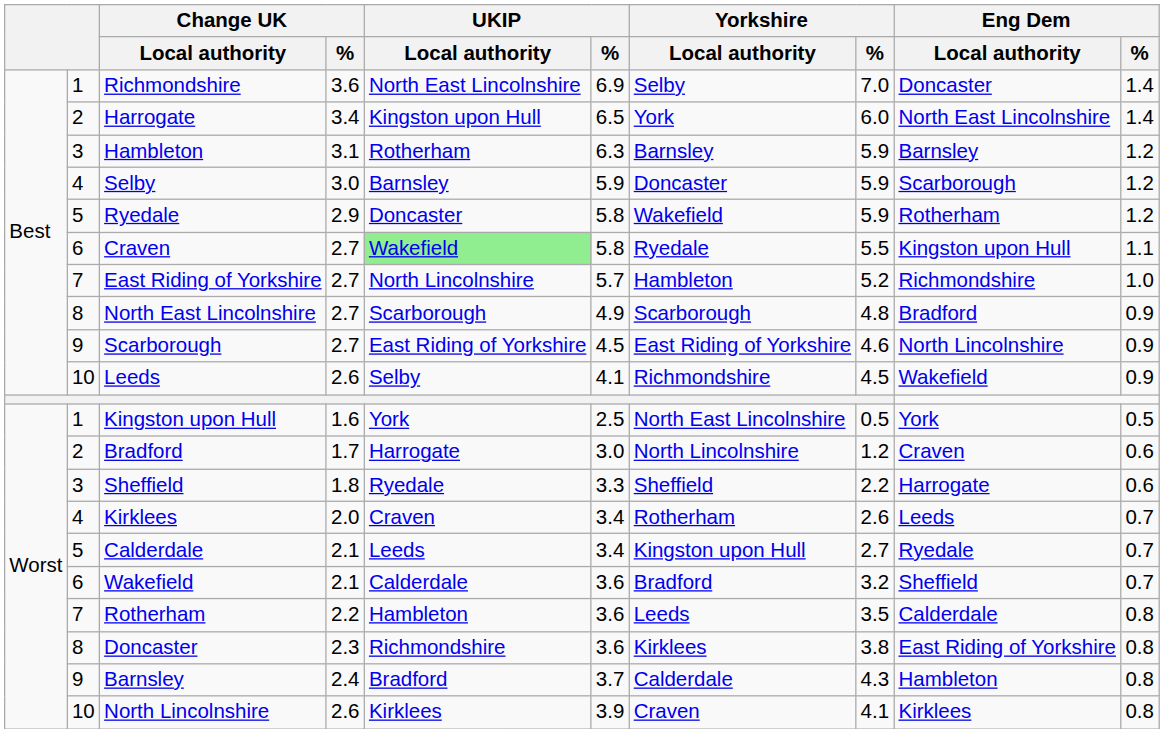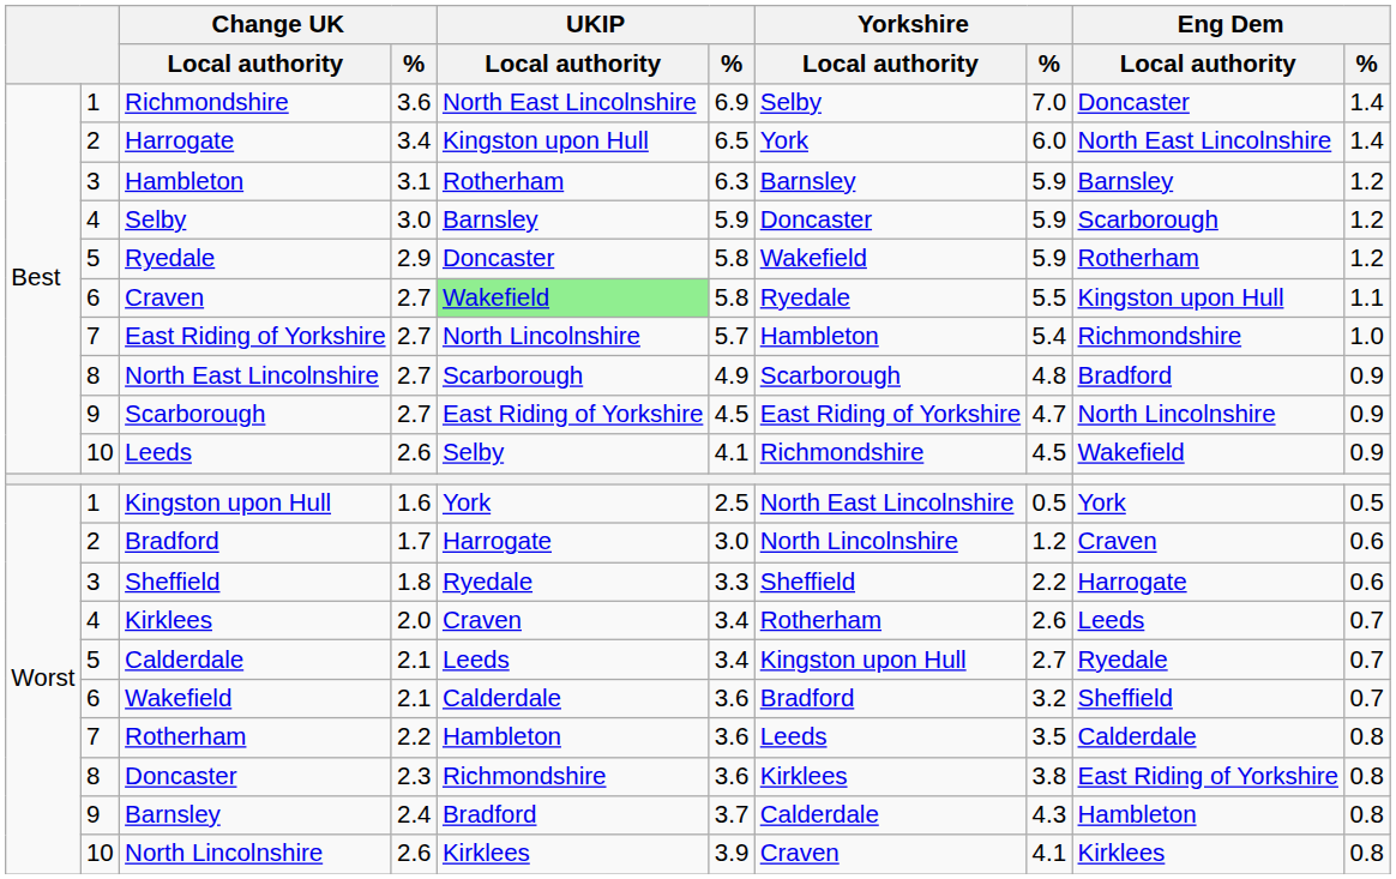 <table class="wikitable">
 <tr>
 <th colspan="2" rowspan="2"></th>
 <th colspan="2">Change UK</th>
 <th colspan="2">UKIP</th>
 <th colspan="2">Yorkshire</th>
 <th colspan="2">Eng Dem</th>
 </tr>
 <tr>
 <th style="text-align:center;">Local authority</th>
 <th style="text-align:center;">%</th>
 <th>Local authority</th>
 <th>%</th>
 <th>Local authority</th>
 <th>%</th>
 <th>Local authority</th>
 <th>%</th>
 </tr>
 <tr>
 <td rowspan="10">Best</td>
 <td>1</td>
 <td><a href='#'>Richmondshire</a></td>
 <td>3.6</td>
 <td><a href='#'>North East Lincolnshire</a></td>
 <td>6.9</td>
 <td><a href='#'>Selby</a></td>
 <td>7.0</td>
 <td><a href='#'>Doncaster</a></td>
 <td>1.4</td>
 </tr>
 <tr>
 <td>2</td>
 <td><a href='#'>Harrogate</a></td>
 <td>3.4</td>
 <td><a href='#'>Kingston upon Hull</a></td>
 <td>6.5</td>
 <td><a href='#'>York</a></td>
 <td>6.0</td>
 <td><a href='#'>North East Lincolnshire</a></td>
 <td>1.4</td>
 </tr>
 <tr>
 <td>3</td>
 <td><a href='#'>Hambleton</a></td>
 <td>3.1</td>
 <td><a href='#'>Rotherham</a></td>
 <td>6.3</td>
 <td><a href='#'>Barnsley</a></td>
 <td>5.9</td>
 <td><a href='#'>Barnsley</a></td>
 <td>1.2</td>
 </tr>
 <tr>
 <td>4</td>
 <td><a href='#'>Selby</a></td>
 <td>3.0</td>
 <td><a href='#'>Barnsley</a></td>
 <td>5.9</td>
 <td><a href='#'>Doncaster</a></td>
 <td>5.9</td>
 <td><a href='#'>Scarborough</a></td>
 <td>1.2</td>
 </tr>
 <tr>
 <td>5</td>
 <td><a href='#'>Ryedale</a></td>
 <td>2.9</td>
 <td><a href='#'>Doncaster</a></td>
 <td>5.8</td>
 <td><a href='#'>Wakefield</a></td>
 <td>5.9</td>
 <td><a href='#'>Rotherham</a></td>
 <td>1.2</td>
 </tr>
 <tr>
 <td>6</td>
 <td><a href='#'>Craven</a></td>
 <td>2.7</td>
 <td style="background: lightgreen;"><a href='#'>Wakefield</a></td>
 <td>5.8</td>
 <td><a href='#'>Ryedale</a></td>
 <td>5.5</td>
 <td><a href='#'>Kingston upon Hull</a></td>
 <td>1.1</td>
 </tr>
 <tr>
 <td>7</td>
 <td><a href='#'>East Riding of Yorkshire</a></td>
 <td>2.7</td>
 <td><a href='#'>North Lincolnshire</a></td>
 <td>5.7</td>
 <td><a href='#'>Hambleton</a></td>
-<td>5.2</td>
+<td>5.4</td>
 <td><a href='#'>Richmondshire</a></td>
 <td>1.0</td>
 </tr>
 <tr>
 <td>8</td>
 <td><a href='#'>North East Lincolnshire</a></td>
 <td>2.7</td>
 <td><a href='#'>Scarborough</a></td>
 <td>4.9</td>
 <td><a href='#'>Scarborough</a></td>
 <td>4.8</td>
 <td><a href='#'>Bradford</a></td>
 <td>0.9</td>
 </tr>
 <tr>
 <td>9</td>
 <td><a href='#'>Scarborough</a></td>
 <td>2.7</td>
 <td><a href='#'>East Riding of Yorkshire</a></td>
 <td>4.5</td>
 <td><a href='#'>East Riding of Yorkshire</a></td>
-<td>4.6</td>
+<td>4.7</td>
 <td><a href='#'>North Lincolnshire</a></td>
 <td>0.9</td>
 </tr>
 <tr>
 <td>10</td>
 <td><a href='#'>Leeds</a></td>
 <td>2.6</td>
 <td><a href='#'>Selby</a></td>
 <td>4.1</td>
 <td><a href='#'>Richmondshire</a></td>
 <td>4.5</td>
 <td><a href='#'>Wakefield</a></td>
 <td>0.9</td>
 </tr>
 <tr>
 <th colspan="8"></th>
 </tr>
 <tr>
 <td rowspan="10">Worst</td>
 <td>1</td>
 <td><a href='#'>Kingston upon Hull</a></td>
 <td>1.6</td>
 <td><a href='#'>York</a></td>
 <td>2.5</td>
 <td><a href='#'>North East Lincolnshire</a></td>
 <td>0.5</td>
 <td><a href='#'>York</a></td>
 <td>0.5</td>
 </tr>
 <tr>
 <td>2</td>
 <td><a href='#'>Bradford</a></td>
 <td>1.7</td>
 <td><a href='#'>Harrogate</a></td>
 <td>3.0</td>
 <td><a href='#'>North Lincolnshire</a></td>
 <td>1.2</td>
 <td><a href='#'>Craven</a></td>
 <td>0.6</td>
 </tr>
 <tr>
 <td>3</td>
 <td><a href='#'>Sheffield</a></td>
 <td>1.8</td>
 <td><a href='#'>Ryedale</a></td>
 <td>3.3</td>
 <td><a href='#'>Sheffield</a></td>
 <td>2.2</td>
 <td><a href='#'>Harrogate</a></td>
 <td>0.6</td>
 </tr>
 <tr>
 <td>4</td>
 <td><a href='#'>Kirklees</a></td>
 <td>2.0</td>
 <td><a href='#'>Craven</a></td>
 <td>3.4</td>
 <td><a href='#'>Rotherham</a></td>
 <td>2.6</td>
 <td><a href='#'>Leeds</a></td>
 <td>0.7</td>
 </tr>
 <tr>
 <td>5</td>
 <td><a href='#'>Calderdale</a></td>
 <td>2.1</td>
 <td><a href='#'>Leeds</a></td>
 <td>3.4</td>
 <td><a href='#'>Kingston upon Hull</a></td>
 <td>2.7</td>
 <td><a href='#'>Ryedale</a></td>
 <td>0.7</td>
 </tr>
 <tr>
 <td>6</td>
 <td><a href='#'>Wakefield</a></td>
 <td>2.1</td>
 <td><a href='#'>Calderdale</a></td>
 <td>3.6</td>
 <td><a href='#'>Bradford</a></td>
 <td>3.2</td>
 <td><a href='#'>Sheffield</a></td>
 <td>0.7</td>
 </tr>
 <tr>
 <td>7</td>
 <td><a href='#'>Rotherham</a></td>
 <td>2.2</td>
 <td><a href='#'>Hambleton</a></td>
 <td>3.6</td>
 <td><a href='#'>Leeds</a></td>
 <td>3.5</td>
 <td><a href='#'>Calderdale</a></td>
 <td>0.8</td>
 </tr>
 <tr>
 <td>8</td>
 <td><a href='#'>Doncaster</a></td>
 <td>2.3</td>
 <td><a href='#'>Richmondshire</a></td>
 <td>3.6</td>
 <td><a href='#'>Kirklees</a></td>
 <td>3.8</td>
 <td><a href='#'>East Riding of Yorkshire</a></td>
 <td>0.8</td>
 </tr>
 <tr>
 <td>9</td>
 <td><a href='#'>Barnsley</a></td>
 <td>2.4</td>
 <td><a href='#'>Bradford</a></td>
 <td>3.7</td>
 <td><a href='#'>Calderdale</a></td>
 <td>4.3</td>
 <td><a href='#'>Hambleton</a></td>
 <td>0.8</td>
 </tr>
 <tr>
 <td>10</td>
 <td><a href='#'>North Lincolnshire</a></td>
 <td>2.6</td>
 <td><a href='#'>Kirklees</a></td>
 <td>3.9</td>
 <td><a href='#'>Craven</a></td>
 <td>4.1</td>
 <td><a href='#'>Kirklees</a></td>
 <td>0.8</td>
 </tr>
 </table>
